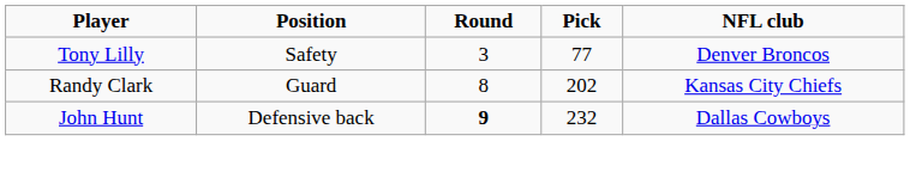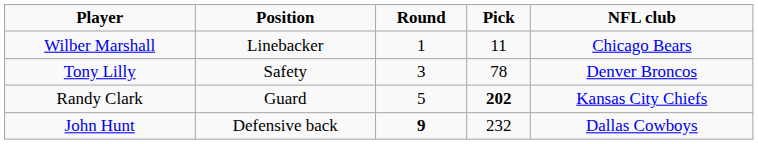 <table class="wikitable" width="80%">
 <tr align="center">
 <td><strong>Player</strong></td>
 <td><strong>Position</strong></td>
 <td><strong>Round</strong></td>
 <td><strong>Pick</strong></td>
 <td><strong>NFL club</strong></td>
 </tr>
 <tr align="center" bgcolor="">
+<td><a href='#'>Wilber Marshall</a></td>
+<td>Linebacker</td>
+<td>1</td>
+<td>11</td>
+<td><a href='#'>Chicago Bears</a></td>
+</tr>
+<tr align="center" bgcolor="">
 <td><a href='#'>Tony Lilly</a></td>
 <td>Safety</td>
 <td>3</td>
-<td>77</td>
+<td>78</td>
 <td><a href='#'>Denver Broncos</a></td>
 </tr>
 <tr align="center" bgcolor="">
 <td>Randy Clark</td>
 <td>Guard</td>
-<td>8</td>
-<td>202</td>
+<td>5</td>
+<td><strong>202</strong></td>
 <td><a href='#'>Kansas City Chiefs</a></td>
 </tr>
 <tr align="center" bgcolor="">
 <td><a href='#'>John Hunt</a></td>
 <td>Defensive back</td>
 <td><strong>9</strong></td>
 <td>232</td>
 <td><a href='#'>Dallas Cowboys</a></td>
 </tr>
 </table>
